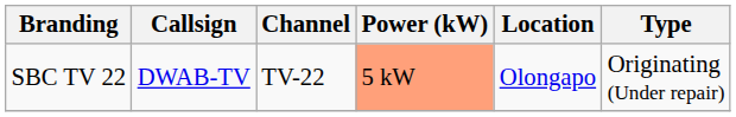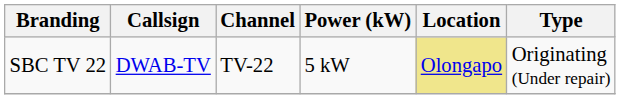 <table class="wikitable">
 <tr>
 <th>Branding</th>
 <th>Callsign</th>
 <th>Channel</th>
 <th>Power (kW)</th>
 <th>Location</th>
 <th>Type</th>
 </tr>
 <tr>
 <td>SBC TV 22</td>
 <td><a href='#'>DWAB-TV</a></td>
 <td>TV-22</td>
-<td style="background: lightsalmon;">5 kW</td>
-<td><a href='#'>Olongapo</a></td>
+<td>5 kW</td>
+<td style="background: khaki;"><a href='#'>Olongapo</a></td>
 <td>Originating<br><small>(Under repair)</small></td>
 </tr>
 <tr>
 </tr>
 </table>
